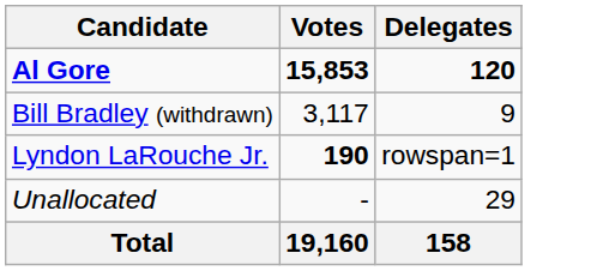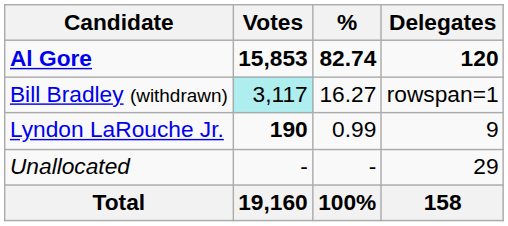 <table class="wikitable sortable" style="text-align:right;">
 <tr>
 <th>Candidate</th>
 <th>Votes</th>
+<th>%</th>
 <th>Delegates</th>
 </tr>
 <tr>
 <td style="text-align:left;" data-sort-value="Gore, Al"><strong><a href='#'>Al Gore</a></strong></td>
 <td><strong>15,853</strong></td>
+<td><strong>82.74</strong></td>
 <td><strong>120</strong></td>
 </tr>
 <tr>
 <td style="text-align:left;" data-sort-value="Bradley, Bill"><a href='#'>Bill Bradley</a> <small>(withdrawn)</small></td>
-<td>3,117</td>
-<td>9</td>
+<td style="background: paleturquoise;">3,117</td>
+<td>16.27</td>
+<td>rowspan=1 </td>
 </tr>
 <tr>
 <td style="text-align:left;" data-sort-value="LaRouche Jr., Lyndon"><a href='#'>Lyndon LaRouche Jr.</a></td>
 <td><strong>190</strong></td>
-<td>rowspan=1 </td>
+<td>0.99</td>
+<td>9</td>
 </tr>
 <tr>
 <td style="text-align:left;" data-sort-value="ZZZ"><em>Unallocated</em></td>
+<td>-</td>
 <td>-</td>
 <td>29</td>
 </tr>
 <tr>
 <th>Total</th>
 <th>19,160</th>
+<th>100%</th>
 <th>158</th>
 </tr>
 </table>
